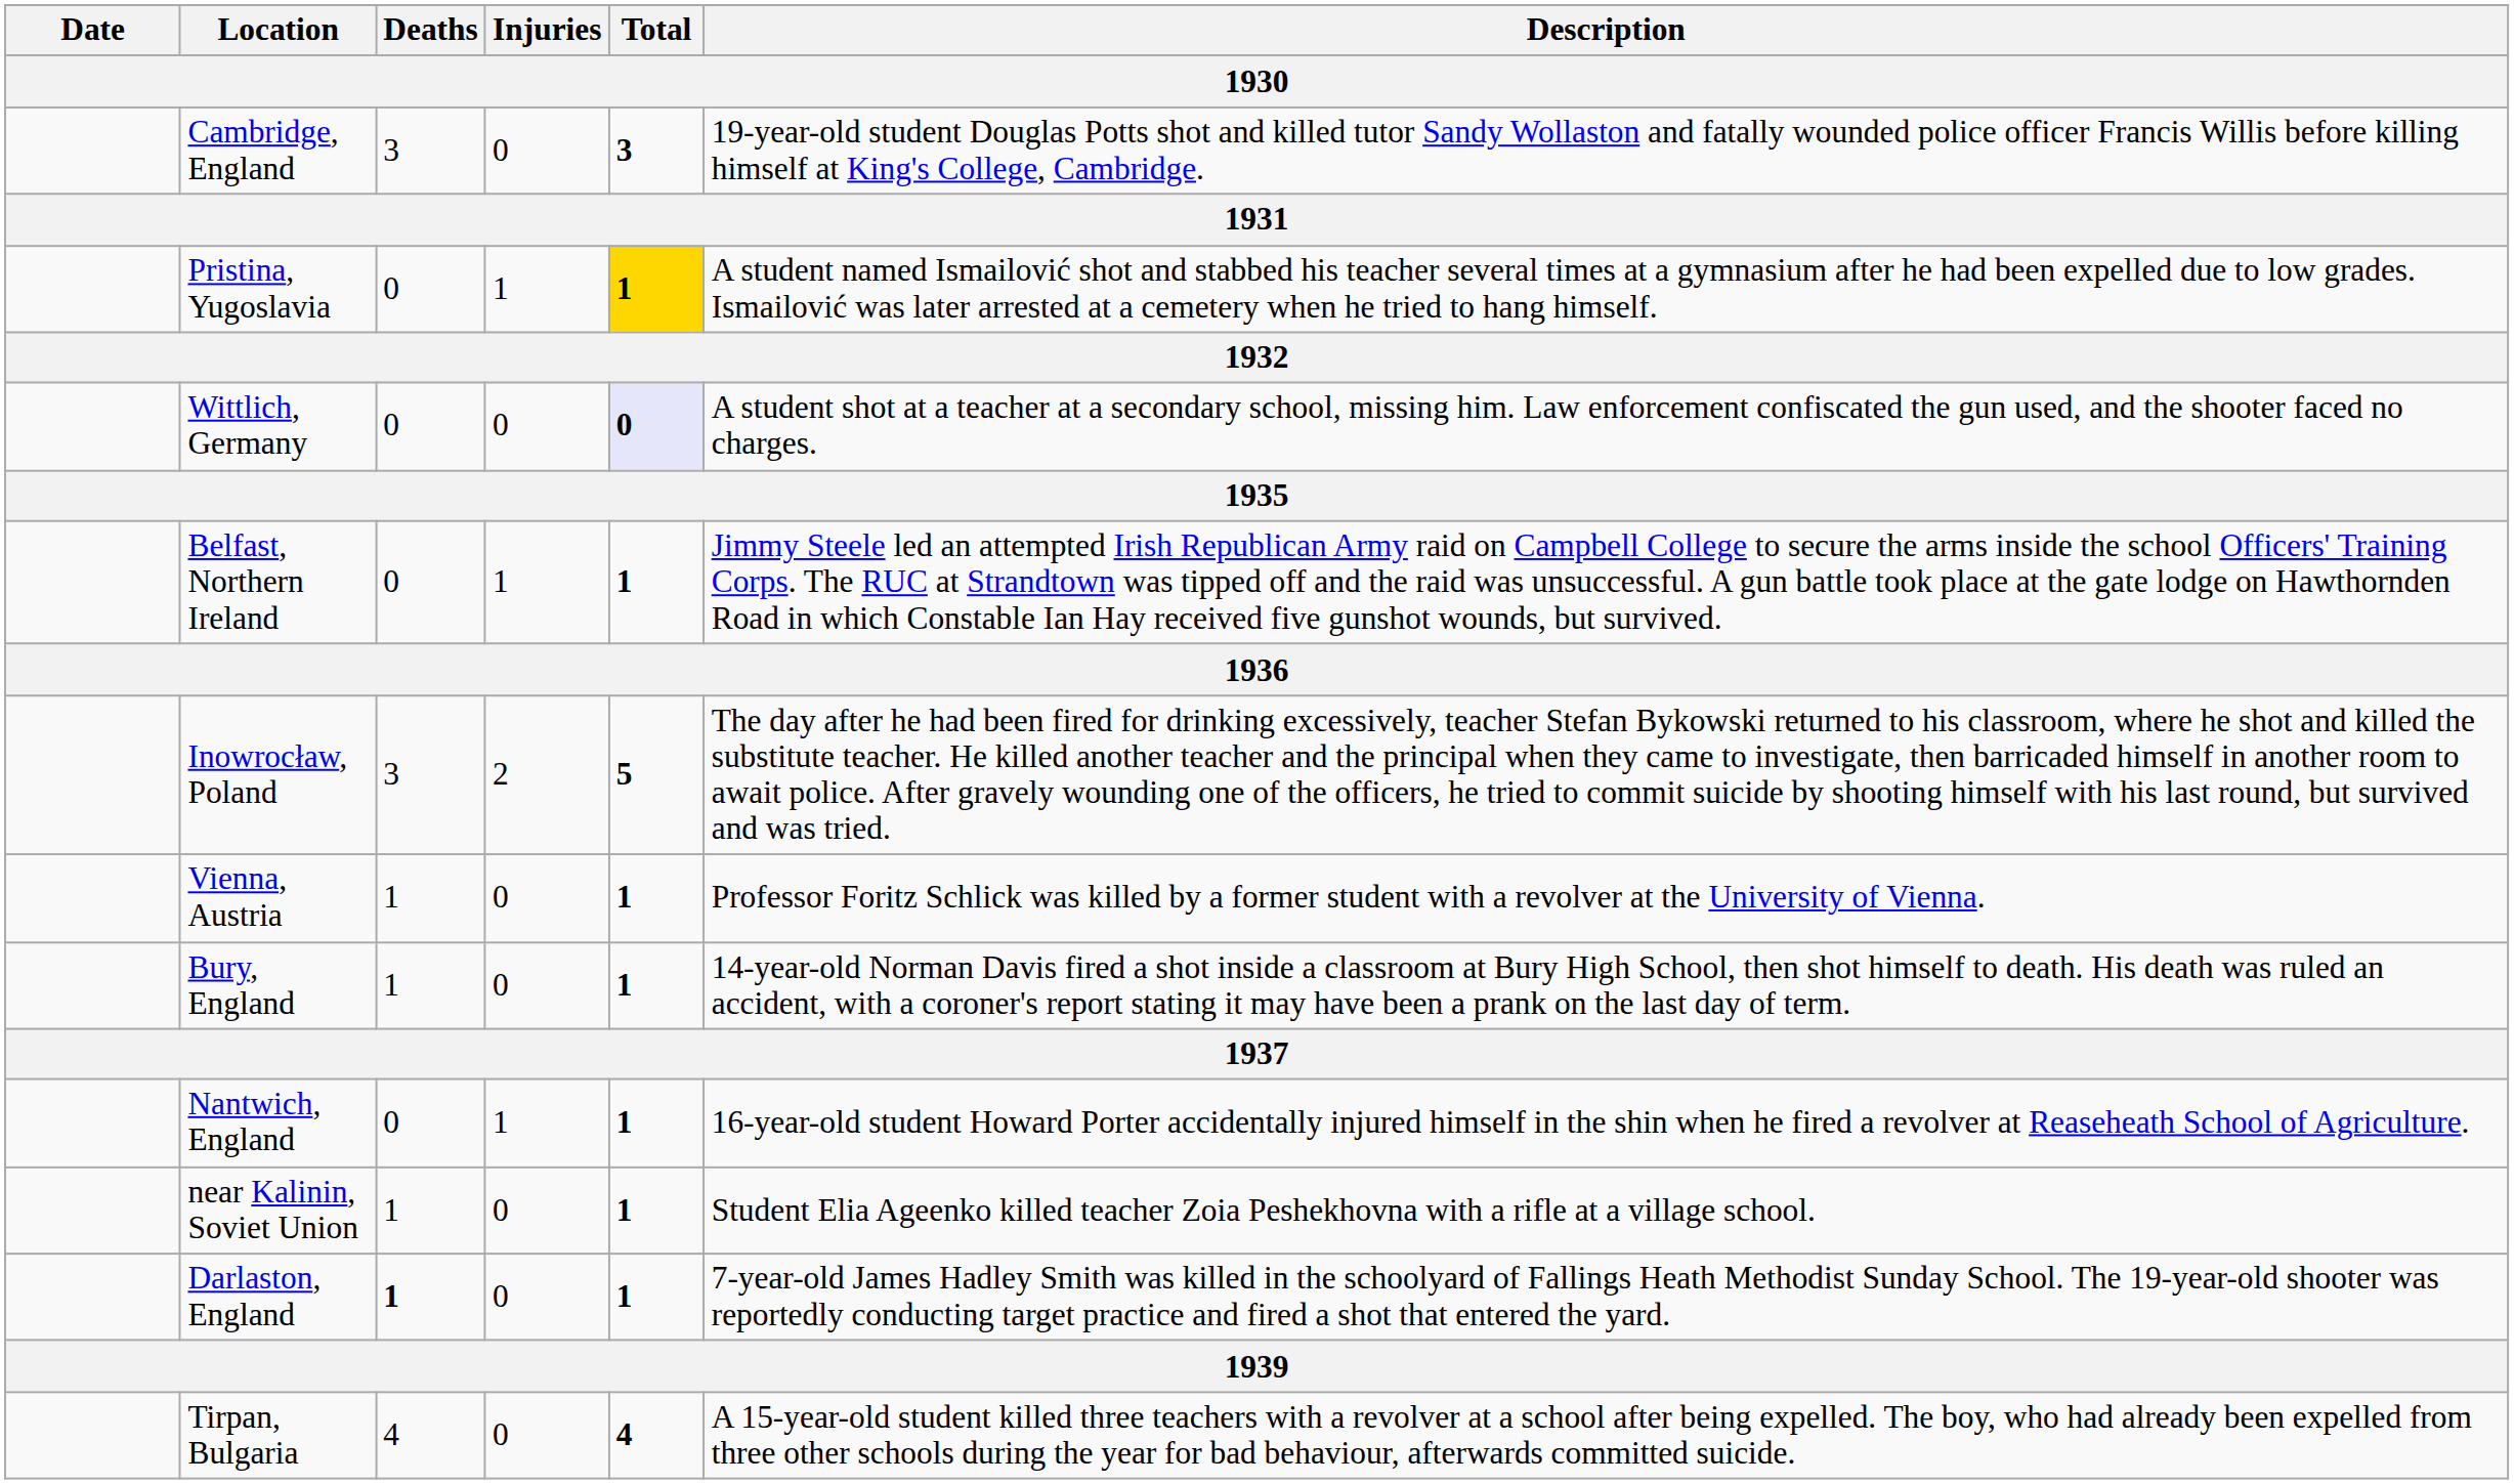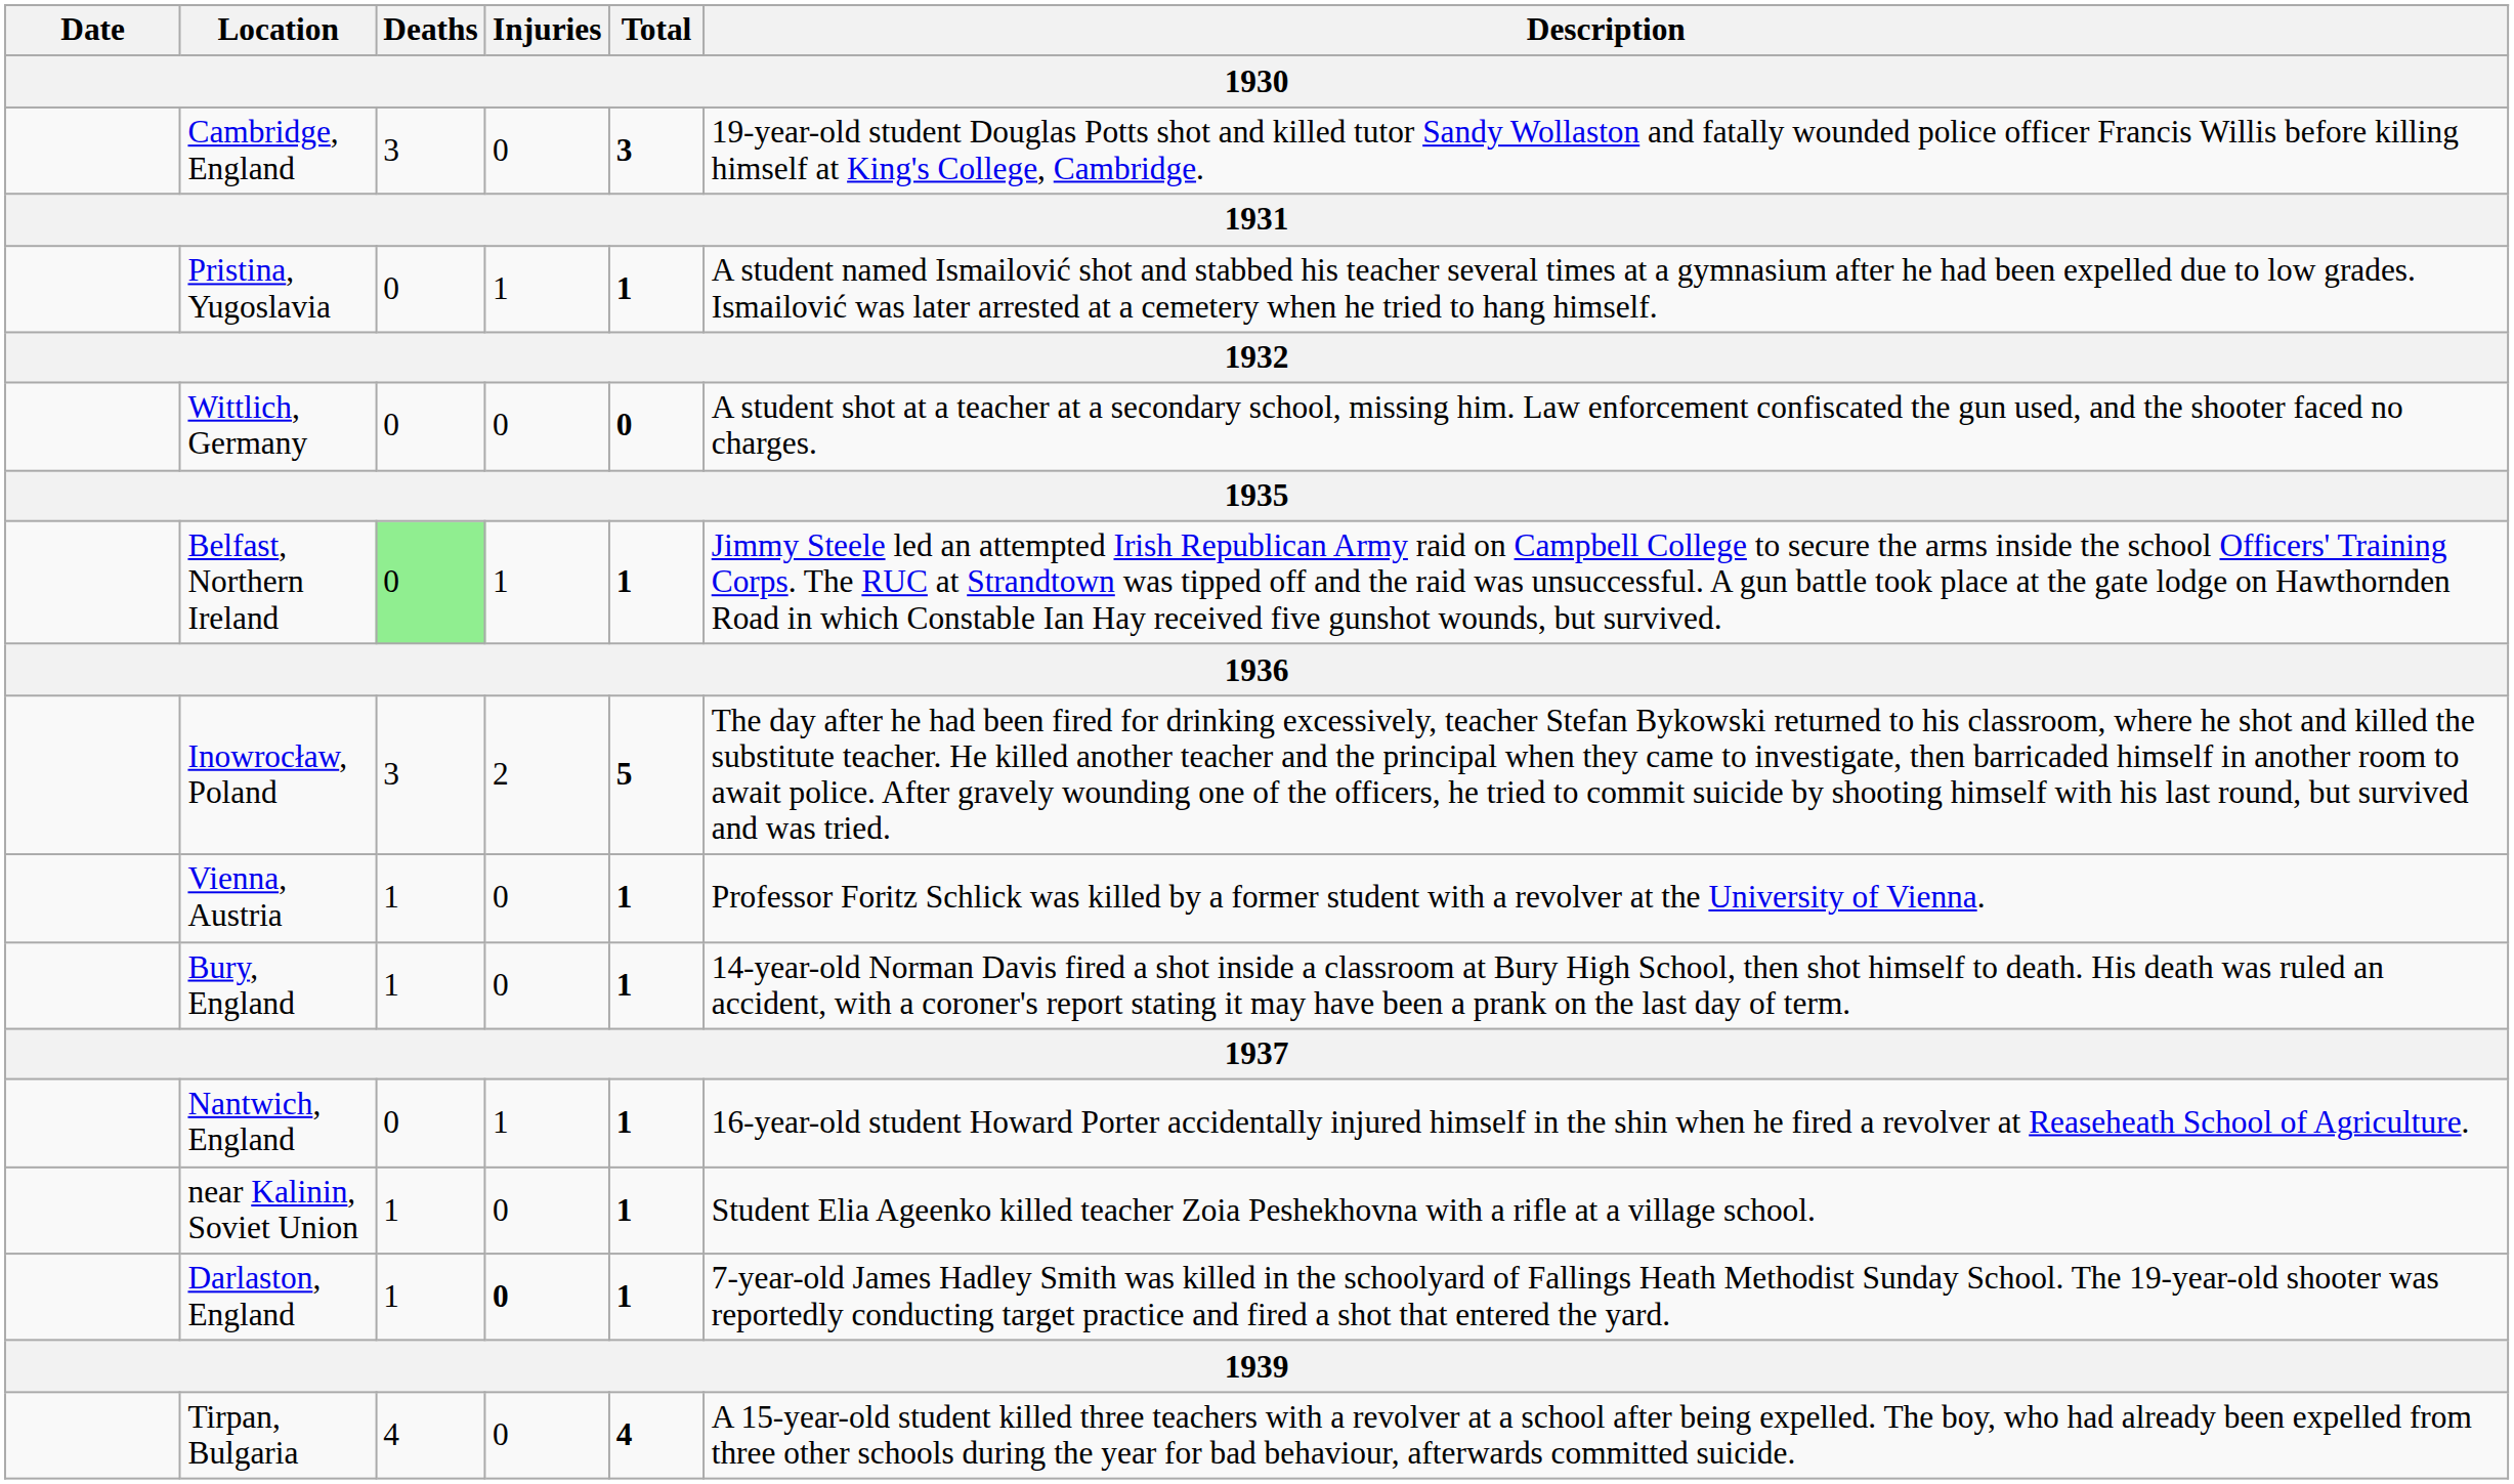 <table class="sortable wikitable" style="font-size:100%;" id="1930s">
 <tr>
 </tr>
 <tr>
 <th style="width:80px;">Date</th>
 <th style="width:90px;">Location</th>
 <th style="width:40px;">Deaths</th>
 <th style="width:40px;">Injuries</th>
 <th style="width:40px;">Total</th>
 <th class="unsortable">Description</th>
 </tr>
 <tr>
 <th colspan="7">1930 </th>
 </tr>
 <tr>
 <td></td>
 <td><a href='#'>Cambridge</a>, England</td>
 <td>3</td>
 <td>0</td>
 <td><strong>3</strong></td>
 <td>19-year-old student Douglas Potts shot and killed tutor <a href='#'>Sandy Wollaston</a> and fatally wounded police officer Francis Willis before killing himself at <a href='#'>King's College</a>, <a href='#'>Cambridge</a>.</td>
 </tr>
 <tr>
 <th colspan="7">1931 </th>
 </tr>
 <tr>
 <td></td>
 <td><a href='#'>Pristina</a>, Yugoslavia</td>
 <td>0</td>
 <td>1</td>
-<td style="background: gold;"><strong>1</strong></td>
+<td><strong>1</strong></td>
 <td>A student named Ismailović shot and stabbed his teacher several times at a gymnasium after he had been expelled due to low grades. Ismailović was later arrested at a cemetery when he tried to hang himself.</td>
 </tr>
 <tr>
 <th colspan="7">1932 </th>
 </tr>
 <tr>
 <td></td>
 <td><a href='#'>Wittlich</a>, Germany</td>
 <td>0</td>
 <td>0</td>
-<td style="background: lavender;"><strong>0</strong></td>
+<td><strong>0</strong></td>
 <td>A student shot at a teacher at a secondary school, missing him. Law enforcement confiscated the gun used, and the shooter faced no charges.</td>
 </tr>
 <tr>
 <th colspan="7">1935 </th>
 </tr>
 <tr>
 <td></td>
 <td><a href='#'>Belfast</a>, Northern Ireland</td>
-<td>0</td>
+<td style="background: lightgreen;">0</td>
 <td>1</td>
 <td><strong>1</strong></td>
 <td><a href='#'>Jimmy Steele</a> led an attempted <a href='#'>Irish Republican Army</a> raid on <a href='#'>Campbell College</a> to secure the arms inside the school <a href='#'>Officers' Training Corps</a>. The <a href='#'>RUC</a> at <a href='#'>Strandtown</a> was tipped off and the raid was unsuccessful. A gun battle took place at the gate lodge on Hawthornden Road in which Constable Ian Hay received five gunshot wounds, but survived.</td>
 </tr>
 <tr>
 <th colspan="7">1936 </th>
 </tr>
 <tr>
 <td></td>
 <td><a href='#'>Inowrocław</a>, Poland</td>
 <td>3</td>
 <td>2</td>
 <td><strong>5</strong></td>
 <td>The day after he had been fired for drinking excessively, teacher Stefan Bykowski returned to his classroom, where he shot and killed the substitute teacher. He killed another teacher and the principal when they came to investigate, then barricaded himself in another room to await police. After gravely wounding one of the officers, he tried to commit suicide by shooting himself with his last round, but survived and was tried.</td>
 </tr>
 <tr>
 <td></td>
 <td><a href='#'>Vienna</a>, Austria</td>
 <td>1</td>
 <td>0</td>
 <td><strong>1</strong></td>
 <td>Professor Foritz Schlick was killed by a former student with a revolver at the <a href='#'>University of Vienna</a>.</td>
 </tr>
 <tr>
 <td></td>
 <td><a href='#'>Bury</a>, England</td>
 <td>1</td>
 <td>0</td>
 <td><strong>1</strong></td>
 <td>14-year-old Norman Davis fired a shot inside a classroom at Bury High School, then shot himself to death. His death was ruled an accident, with a coroner's report stating it may have been a prank on the last day of term.</td>
 </tr>
 <tr>
 <th colspan="7">1937 </th>
 </tr>
 <tr>
 <td></td>
 <td><a href='#'>Nantwich</a>, England</td>
 <td>0</td>
 <td>1</td>
 <td><strong>1</strong></td>
 <td>16-year-old student Howard Porter accidentally injured himself in the shin when he fired a revolver at <a href='#'>Reaseheath School of Agriculture</a>.</td>
 </tr>
 <tr>
 <td></td>
 <td>near <a href='#'>Kalinin</a>, Soviet Union</td>
 <td>1</td>
 <td>0</td>
 <td><strong>1</strong></td>
 <td>Student Elia Ageenko killed teacher Zoia Peshekhovna with a rifle at a village school.</td>
 </tr>
 <tr>
 <td></td>
 <td><a href='#'>Darlaston</a>, England</td>
-<td><strong>1</strong></td>
-<td>0</td>
+<td>1</td>
+<td><strong>0</strong></td>
 <td><strong>1</strong></td>
 <td>7-year-old James Hadley Smith was killed in the schoolyard of Fallings Heath Methodist Sunday School. The 19-year-old shooter was reportedly conducting target practice and fired a shot that entered the yard.</td>
 </tr>
 <tr>
 <th colspan="7">1939 </th>
 </tr>
 <tr>
 <td></td>
 <td>Tirpan, Bulgaria</td>
 <td>4</td>
 <td>0</td>
 <td><strong>4</strong></td>
 <td>A 15-year-old student killed three teachers with a revolver at a school after being expelled. The boy, who had already been expelled from three other schools during the year for bad behaviour, afterwards committed suicide.</td>
 </tr>
 </table>
